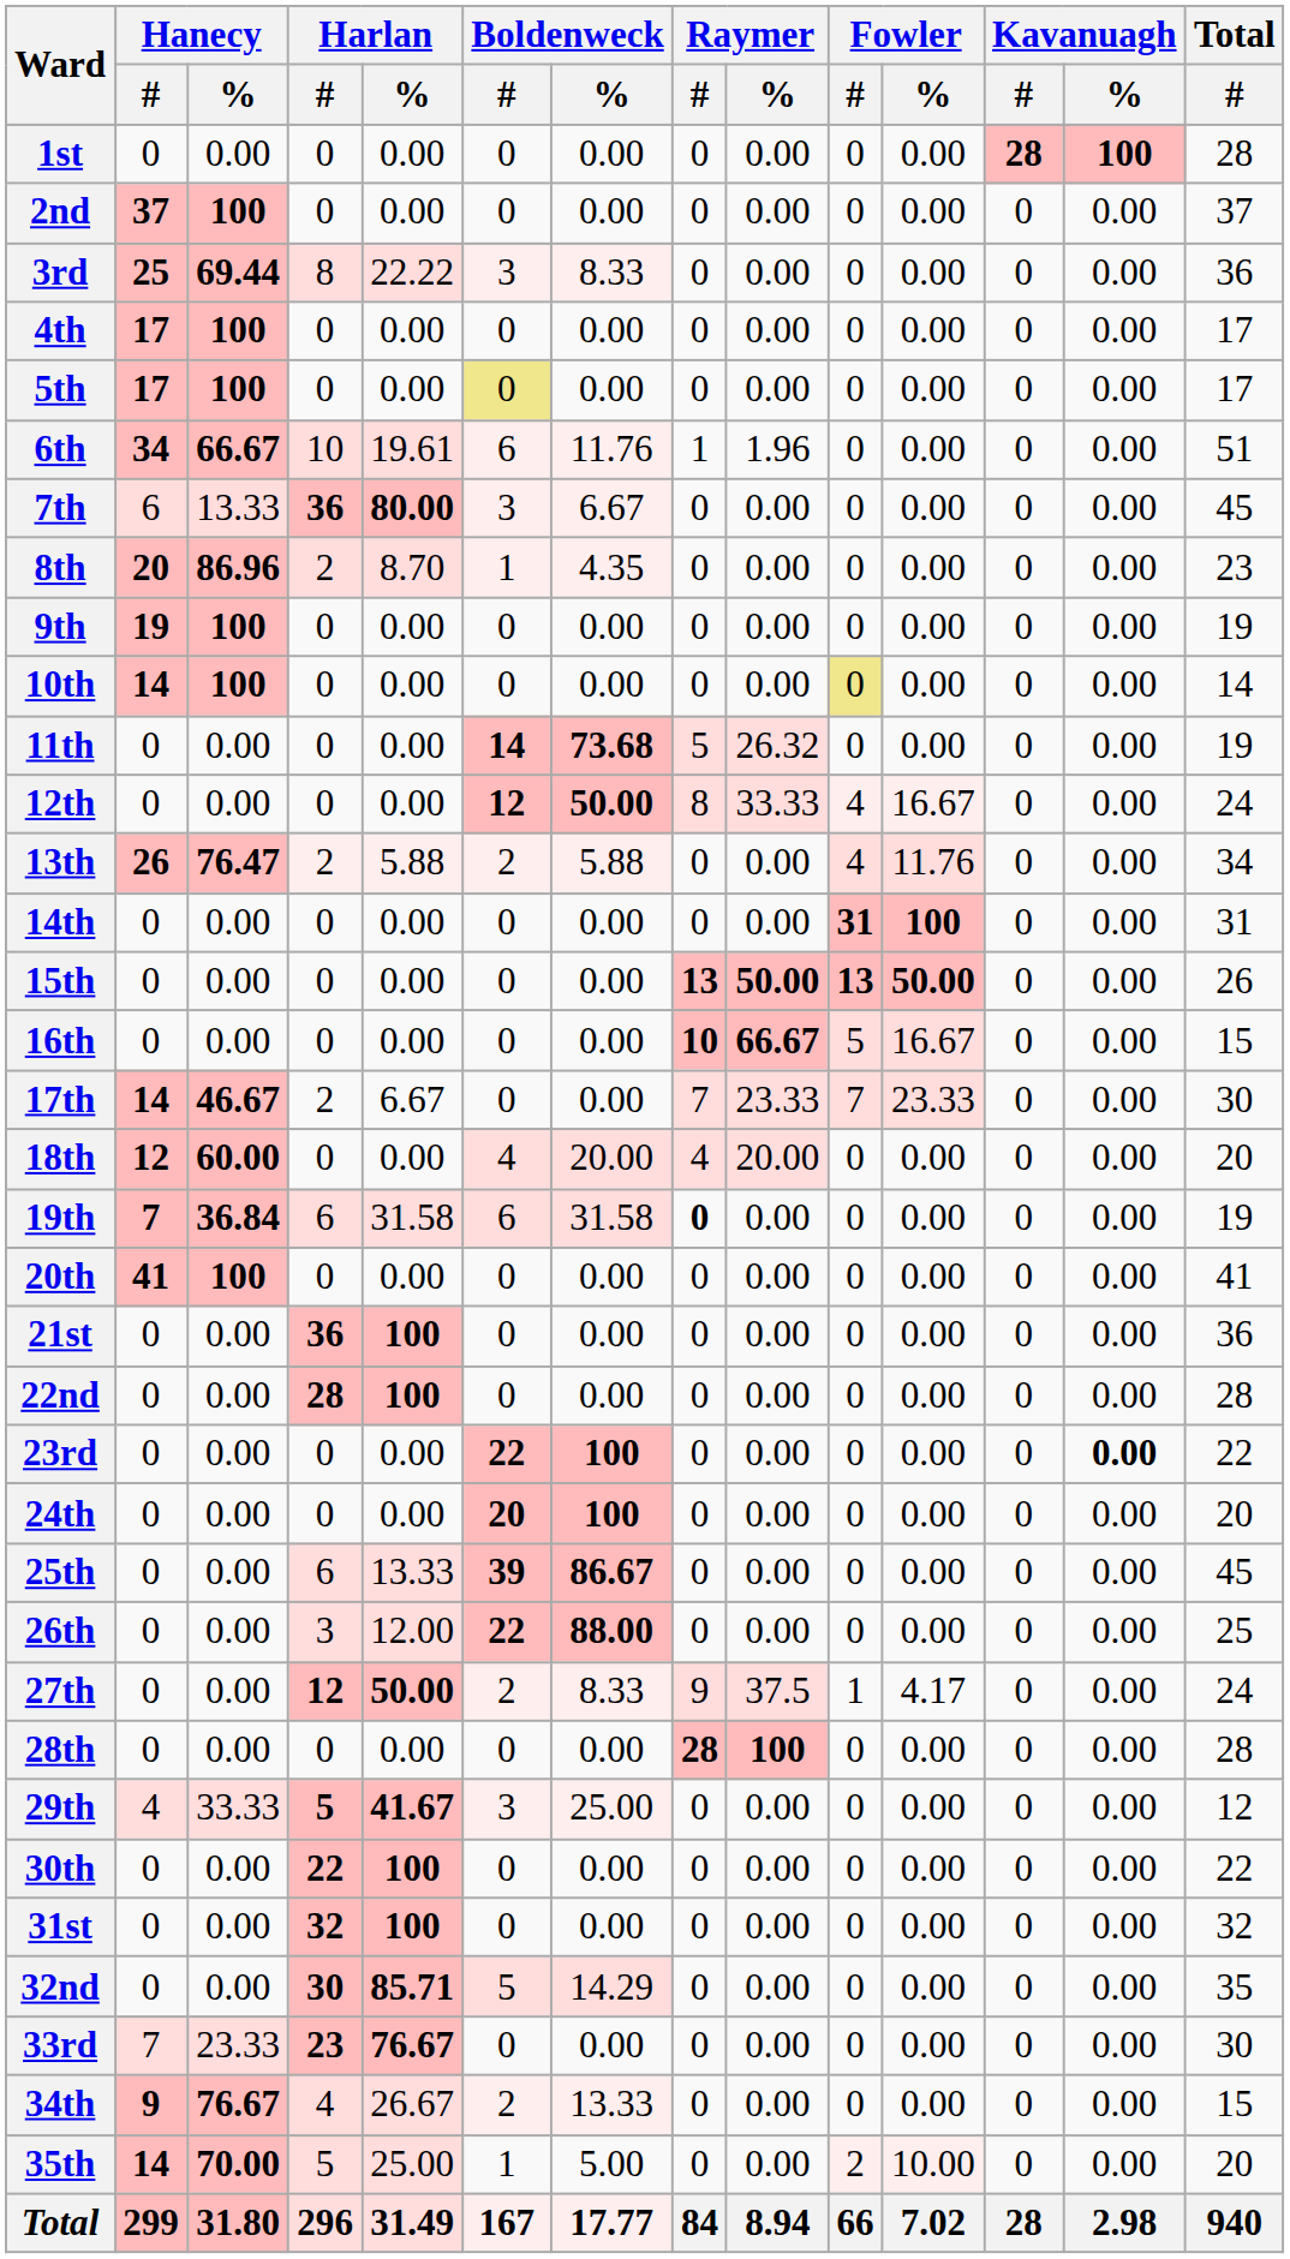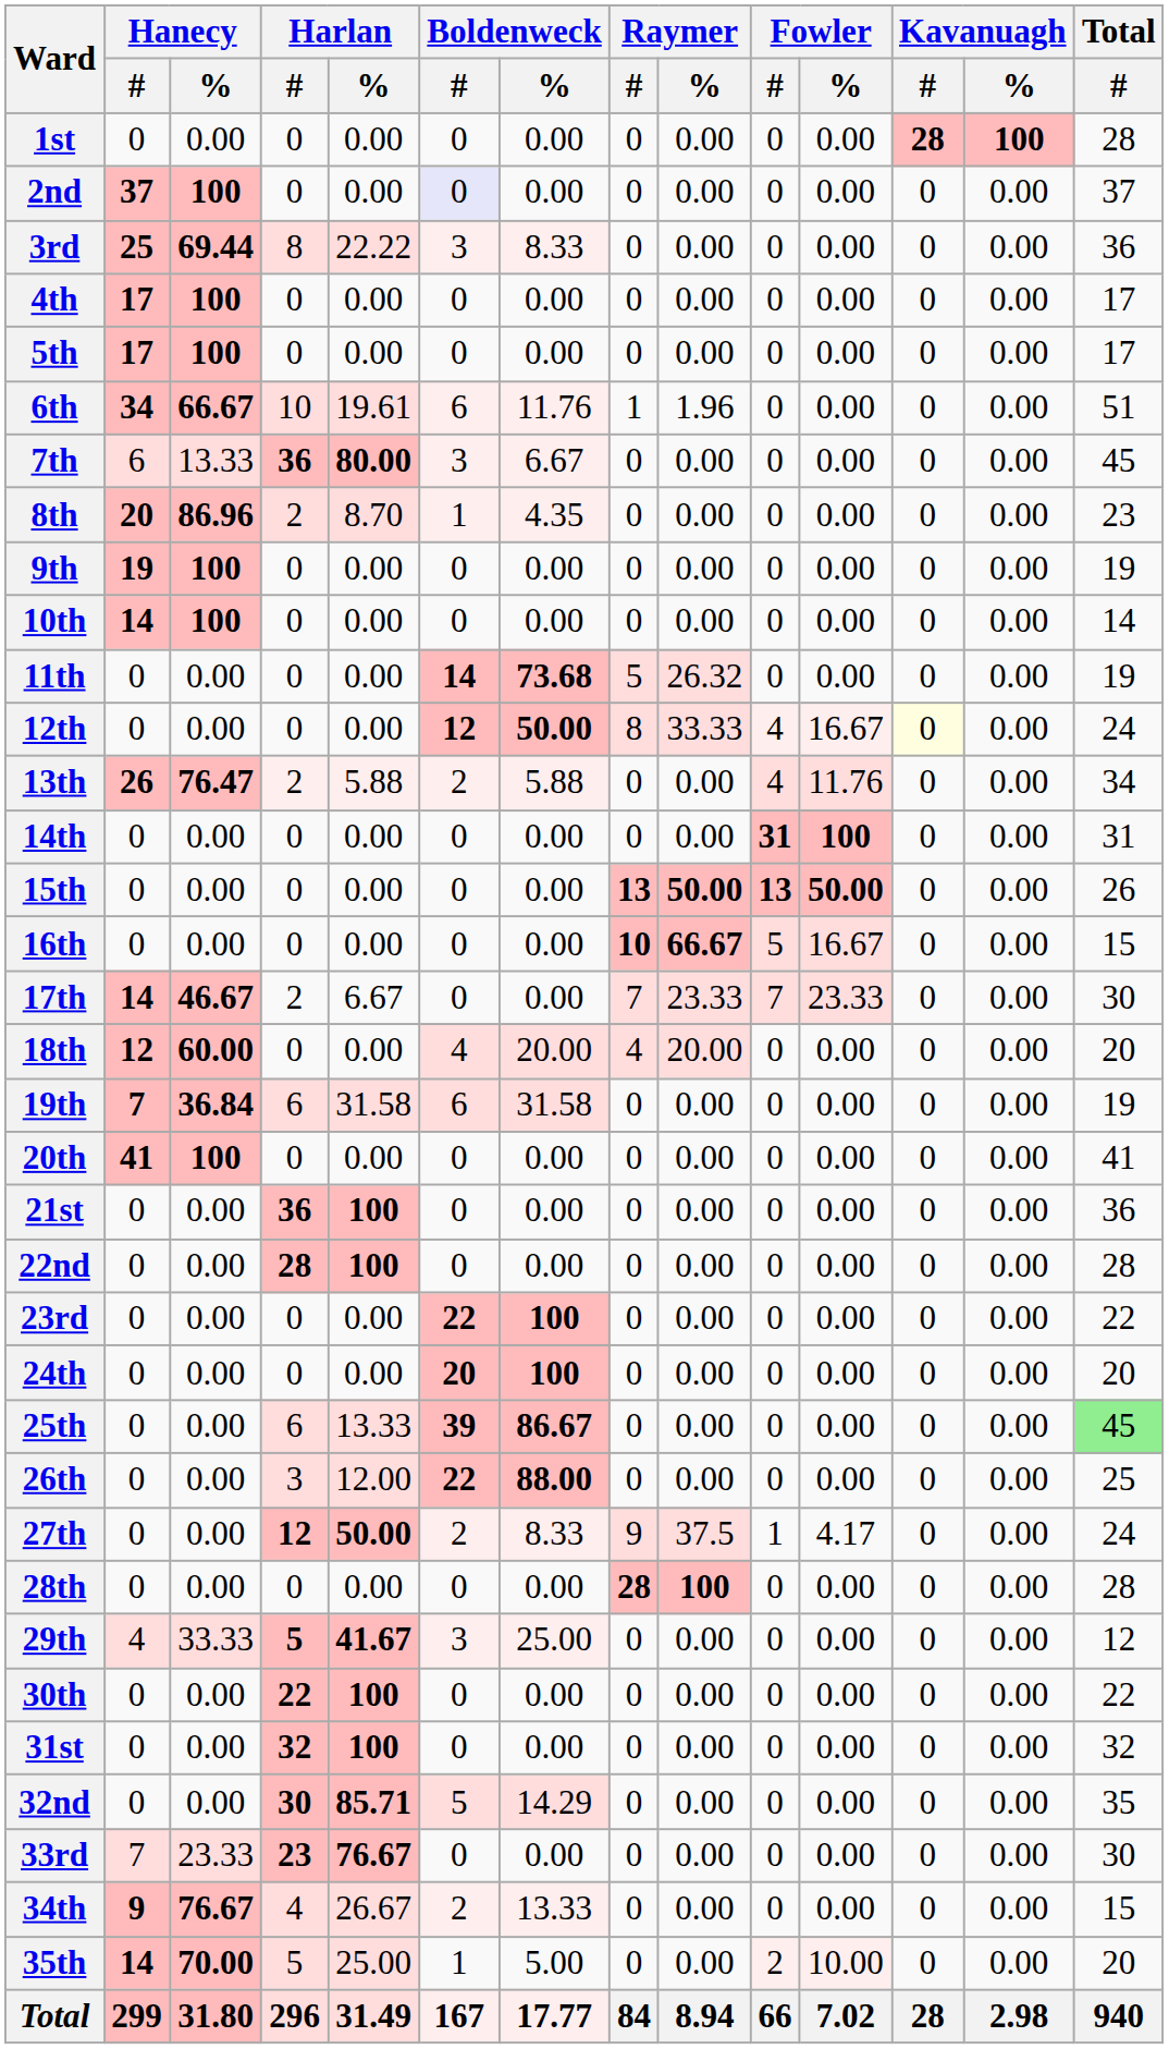 <table class="wikitable mw-collapsible mw-collapsed" style="text-align: center">
 <tr>
 <th rowspan=2>Ward</th>
 <th colspan=2><a href='#'>Hanecy</a></th>
 <th colspan=2><a href='#'>Harlan</a></th>
 <th colspan=2><a href='#'>Boldenweck</a></th>
 <th colspan=2><a href='#'>Raymer</a></th>
 <th colspan=2><a href='#'>Fowler</a></th>
 <th colspan=2><a href='#'>Kavanuagh</a></th>
 <th>Total</th>
 </tr>
 <tr>
 <th>#</th>
 <th>%</th>
 <th>#</th>
 <th>%</th>
 <th>#</th>
 <th>%</th>
 <th>#</th>
 <th>%</th>
 <th>#</th>
 <th>%</th>
 <th>#</th>
 <th>%</th>
 <th>#</th>
 </tr>
 <tr>
 <th><a href='#'>1st</a></th>
 <td>0</td>
 <td>0.00</td>
 <td>0</td>
 <td>0.00</td>
 <td>0</td>
 <td>0.00</td>
 <td>0</td>
 <td>0.00</td>
 <td>0</td>
 <td>0.00</td>
 <td style="background:#fbb;"><strong>28</strong></td>
 <td style="background:#fbb;"><strong>100</strong></td>
 <td>28</td>
 </tr>
 <tr>
 <th><a href='#'>2nd</a></th>
 <td style="background:#fbb;"><strong>37</strong></td>
 <td style="background:#fbb;"><strong>100</strong></td>
 <td>0</td>
 <td>0.00</td>
-<td>0</td>
+<td style="background: lavender;">0</td>
 <td>0.00</td>
 <td>0</td>
 <td>0.00</td>
 <td>0</td>
 <td>0.00</td>
 <td>0</td>
 <td>0.00</td>
 <td>37</td>
 </tr>
 <tr>
 <th><a href='#'>3rd</a></th>
 <td style="background:#fbb;"><strong>25</strong></td>
 <td style="background:#fbb;"><strong>69.44</strong></td>
 <td style="background:#fdd;">8</td>
 <td style="background:#fdd;">22.22</td>
 <td style="background:#fee;">3</td>
 <td style="background:#fee;">8.33</td>
 <td>0</td>
 <td>0.00</td>
 <td>0</td>
 <td>0.00</td>
 <td>0</td>
 <td>0.00</td>
 <td>36</td>
 </tr>
 <tr>
 <th><a href='#'>4th</a></th>
 <td style="background:#fbb;"><strong>17</strong></td>
 <td style="background:#fbb;"><strong>100</strong></td>
 <td>0</td>
 <td>0.00</td>
 <td>0</td>
 <td>0.00</td>
 <td>0</td>
 <td>0.00</td>
 <td>0</td>
 <td>0.00</td>
 <td>0</td>
 <td>0.00</td>
 <td>17</td>
 </tr>
 <tr>
 <th><a href='#'>5th</a></th>
 <td style="background:#fbb;"><strong>17</strong></td>
 <td style="background:#fbb;"><strong>100</strong></td>
 <td>0</td>
 <td>0.00</td>
-<td style="background: khaki;">0</td>
+<td>0</td>
 <td>0.00</td>
 <td>0</td>
 <td>0.00</td>
 <td>0</td>
 <td>0.00</td>
 <td>0</td>
 <td>0.00</td>
 <td>17</td>
 </tr>
 <tr>
 <th><a href='#'>6th</a></th>
 <td style="background:#fbb;"><strong>34</strong></td>
 <td style="background:#fbb;"><strong>66.67</strong></td>
 <td style="background:#fdd;">10</td>
 <td style="background:#fdd;">19.61</td>
 <td style="background:#fee;">6</td>
 <td style="background:#fee;">11.76</td>
 <td>1</td>
 <td>1.96</td>
 <td>0</td>
 <td>0.00</td>
 <td>0</td>
 <td>0.00</td>
 <td>51</td>
 </tr>
 <tr>
 <th><a href='#'>7th</a></th>
 <td style="background:#fdd;">6</td>
 <td style="background:#fdd;">13.33</td>
 <td style="background:#fbb;"><strong>36</strong></td>
 <td style="background:#fbb;"><strong>80.00</strong></td>
 <td style="background:#fee;">3</td>
 <td style="background:#fee;">6.67</td>
 <td>0</td>
 <td>0.00</td>
 <td>0</td>
 <td>0.00</td>
 <td>0</td>
 <td>0.00</td>
 <td>45</td>
 </tr>
 <tr>
 <th><a href='#'>8th</a></th>
 <td style="background:#fbb;"><strong>20</strong></td>
 <td style="background:#fbb;"><strong>86.96</strong></td>
 <td style="background:#fdd;">2</td>
 <td style="background:#fdd;">8.70</td>
 <td style="background:#fee;">1</td>
 <td style="background:#fee;">4.35</td>
 <td>0</td>
 <td>0.00</td>
 <td>0</td>
 <td>0.00</td>
 <td>0</td>
 <td>0.00</td>
 <td>23</td>
 </tr>
 <tr>
 <th><a href='#'>9th</a></th>
 <td style="background:#fbb;"><strong>19</strong></td>
 <td style="background:#fbb;"><strong>100</strong></td>
 <td>0</td>
 <td>0.00</td>
 <td>0</td>
 <td>0.00</td>
 <td>0</td>
 <td>0.00</td>
 <td>0</td>
 <td>0.00</td>
 <td>0</td>
 <td>0.00</td>
 <td>19</td>
 </tr>
 <tr>
 <th><a href='#'>10th</a></th>
 <td style="background:#fbb;"><strong>14</strong></td>
 <td style="background:#fbb;"><strong>100</strong></td>
 <td>0</td>
 <td>0.00</td>
 <td>0</td>
 <td>0.00</td>
 <td>0</td>
 <td>0.00</td>
-<td style="background: khaki;">0</td>
+<td>0</td>
 <td>0.00</td>
 <td>0</td>
 <td>0.00</td>
 <td>14</td>
 </tr>
 <tr>
 <th><a href='#'>11th</a></th>
 <td>0</td>
 <td>0.00</td>
 <td>0</td>
 <td>0.00</td>
 <td style="background:#fbb;"><strong>14</strong></td>
 <td style="background:#fbb;"><strong>73.68</strong></td>
 <td style="background:#fdd;">5</td>
 <td style="background:#fdd;">26.32</td>
 <td>0</td>
 <td>0.00</td>
 <td>0</td>
 <td>0.00</td>
 <td>19</td>
 </tr>
 <tr>
 <th><a href='#'>12th</a></th>
 <td>0</td>
 <td>0.00</td>
 <td>0</td>
 <td>0.00</td>
 <td style="background:#fbb;"><strong>12</strong></td>
 <td style="background:#fbb;"><strong>50.00</strong></td>
 <td style="background:#fdd;">8</td>
 <td style="background:#fdd;">33.33</td>
 <td style="background:#fee;">4</td>
 <td style="background:#fee;">16.67</td>
-<td>0</td>
+<td style="background: lightyellow;">0</td>
 <td>0.00</td>
 <td>24</td>
 </tr>
 <tr>
 <th><a href='#'>13th</a></th>
 <td style="background:#fbb;"><strong>26</strong></td>
 <td style="background:#fbb;"><strong>76.47</strong></td>
 <td style="background:#fee;">2</td>
 <td style="background:#fee;">5.88</td>
 <td style="background:#fee;">2</td>
 <td style="background:#fee;">5.88</td>
 <td>0</td>
 <td>0.00</td>
 <td style="background:#fdd;">4</td>
 <td style="background:#fdd;">11.76</td>
 <td>0</td>
 <td>0.00</td>
 <td>34</td>
 </tr>
 <tr>
 <th><a href='#'>14th</a></th>
 <td>0</td>
 <td>0.00</td>
 <td>0</td>
 <td>0.00</td>
 <td>0</td>
 <td>0.00</td>
 <td>0</td>
 <td>0.00</td>
 <td style="background:#fbb;"><strong>31</strong></td>
 <td style="background:#fbb;"><strong>100</strong></td>
 <td>0</td>
 <td>0.00</td>
 <td>31</td>
 </tr>
 <tr>
 <th><a href='#'>15th</a></th>
 <td>0</td>
 <td>0.00</td>
 <td>0</td>
 <td>0.00</td>
 <td>0</td>
 <td>0.00</td>
 <td style="background:#fbb;"><strong>13</strong></td>
 <td style="background:#fbb;"><strong>50.00</strong></td>
 <td style="background:#fbb;"><strong>13</strong></td>
 <td style="background:#fbb;"><strong>50.00</strong></td>
 <td>0</td>
 <td>0.00</td>
 <td>26</td>
 </tr>
 <tr>
 <th><a href='#'>16th</a></th>
 <td>0</td>
 <td>0.00</td>
 <td>0</td>
 <td>0.00</td>
 <td>0</td>
 <td>0.00</td>
 <td style="background:#fbb;"><strong>10 </strong></td>
 <td style="background:#fbb;"><strong>66.67</strong></td>
 <td style="background:#fdd;">5</td>
 <td style="background:#fdd;">16.67</td>
 <td>0</td>
 <td>0.00</td>
 <td>15</td>
 </tr>
 <tr>
 <th><a href='#'>17th</a></th>
 <td style="background:#fbb;"><strong>14</strong></td>
 <td style="background:#fbb;"><strong>46.67</strong></td>
 <td>2</td>
 <td>6.67</td>
 <td>0</td>
 <td>0.00</td>
 <td style="background:#fdd;">7</td>
 <td style="background:#fdd;">23.33</td>
 <td style="background:#fdd;">7</td>
 <td style="background:#fdd;">23.33</td>
 <td>0</td>
 <td>0.00</td>
 <td>30</td>
 </tr>
 <tr>
 <th><a href='#'>18th</a></th>
 <td style="background:#fbb;"><strong>12</strong></td>
 <td style="background:#fbb;"><strong>60.00</strong></td>
 <td>0</td>
 <td>0.00</td>
 <td style="background:#fdd;">4</td>
 <td style="background:#fdd;">20.00</td>
 <td style="background:#fdd;">4</td>
 <td style="background:#fdd;">20.00</td>
 <td>0</td>
 <td>0.00</td>
 <td>0</td>
 <td>0.00</td>
 <td>20</td>
 </tr>
 <tr>
 <th><a href='#'>19th</a></th>
 <td style="background:#fbb;"><strong>7</strong></td>
 <td style="background:#fbb;"><strong>36.84</strong></td>
 <td style="background:#fdd;">6</td>
 <td style="background:#fdd;">31.58</td>
 <td style="background:#fdd;">6</td>
 <td style="background:#fdd;">31.58</td>
-<td><strong>0</strong></td>
+<td>0</td>
 <td>0.00</td>
 <td>0</td>
 <td>0.00</td>
 <td>0</td>
 <td>0.00</td>
 <td>19</td>
 </tr>
 <tr>
 <th><a href='#'>20th</a></th>
 <td style="background:#fbb;"><strong>41</strong></td>
 <td style="background:#fbb;"><strong>100</strong></td>
 <td>0</td>
 <td>0.00</td>
 <td>0</td>
 <td>0.00</td>
 <td>0</td>
 <td>0.00</td>
 <td>0</td>
 <td>0.00</td>
 <td>0</td>
 <td>0.00</td>
 <td>41</td>
 </tr>
 <tr>
 <th><a href='#'>21st</a></th>
 <td>0</td>
 <td>0.00</td>
 <td style="background:#fbb;"><strong>36</strong></td>
 <td style="background:#fbb;"><strong>100</strong></td>
 <td>0</td>
 <td>0.00</td>
 <td>0</td>
 <td>0.00</td>
 <td>0</td>
 <td>0.00</td>
 <td>0</td>
 <td>0.00</td>
 <td>36</td>
 </tr>
 <tr>
 <th><a href='#'>22nd</a></th>
 <td>0</td>
 <td>0.00</td>
 <td style="background:#fbb;"><strong>28</strong></td>
 <td style="background:#fbb;"><strong>100</strong></td>
 <td>0</td>
 <td>0.00</td>
 <td>0</td>
 <td>0.00</td>
 <td>0</td>
 <td>0.00</td>
 <td>0</td>
 <td>0.00</td>
 <td>28</td>
 </tr>
 <tr>
 <th><a href='#'>23rd</a></th>
 <td>0</td>
 <td>0.00</td>
 <td>0</td>
 <td>0.00</td>
 <td style="background:#fbb;"><strong>22</strong></td>
 <td style="background:#fbb;"><strong>100</strong></td>
 <td>0</td>
 <td>0.00</td>
 <td>0</td>
 <td>0.00</td>
 <td>0</td>
-<td><strong>0.00</strong></td>
+<td>0.00</td>
 <td>22</td>
 </tr>
 <tr>
 <th><a href='#'>24th</a></th>
 <td>0</td>
 <td>0.00</td>
 <td>0</td>
 <td>0.00</td>
 <td style="background:#fbb;"><strong>20</strong></td>
 <td style="background:#fbb;"><strong>100</strong></td>
 <td>0</td>
 <td>0.00</td>
 <td>0</td>
 <td>0.00</td>
 <td>0</td>
 <td>0.00</td>
 <td>20</td>
 </tr>
 <tr>
 <th><a href='#'>25th</a></th>
 <td>0</td>
 <td>0.00</td>
 <td style="background:#fdd;">6</td>
 <td style="background:#fdd;">13.33</td>
 <td style="background:#fbb;"><strong>39</strong></td>
 <td style="background:#fbb;"><strong>86.67</strong></td>
 <td>0</td>
 <td>0.00</td>
 <td>0</td>
 <td>0.00</td>
 <td>0</td>
 <td>0.00</td>
-<td>45</td>
+<td style="background: lightgreen;">45</td>
 </tr>
 <tr>
 <th><a href='#'>26th</a></th>
 <td>0</td>
 <td>0.00</td>
 <td style="background:#fdd;">3</td>
 <td style="background:#fdd;">12.00</td>
 <td style="background:#fbb;"><strong>22</strong></td>
 <td style="background:#fbb;"><strong>88.00</strong></td>
 <td>0</td>
 <td>0.00</td>
 <td>0</td>
 <td>0.00</td>
 <td>0</td>
 <td>0.00</td>
 <td>25</td>
 </tr>
 <tr>
 <th><a href='#'>27th</a></th>
 <td>0</td>
 <td>0.00</td>
 <td style="background:#fbb;"><strong>12</strong></td>
 <td style="background:#fbb;"><strong>50.00</strong></td>
 <td style="background:#fee;">2</td>
 <td style="background:#fee;">8.33</td>
 <td style="background:#fdd;">9</td>
 <td style="background:#fdd;">37.5</td>
 <td>1</td>
 <td>4.17</td>
 <td>0</td>
 <td>0.00</td>
 <td>24</td>
 </tr>
 <tr>
 <th><a href='#'>28th</a></th>
 <td>0</td>
 <td>0.00</td>
 <td>0</td>
 <td>0.00</td>
 <td>0</td>
 <td>0.00</td>
 <td style="background:#fbb;"><strong>28</strong></td>
 <td style="background:#fbb;"><strong>100</strong></td>
 <td>0</td>
 <td>0.00</td>
 <td>0</td>
 <td>0.00</td>
 <td>28</td>
 </tr>
 <tr>
 <th><a href='#'>29th</a></th>
 <td style="background:#fdd;">4</td>
 <td style="background:#fdd;">33.33</td>
 <td style="background:#fbb;"><strong>5</strong></td>
 <td style="background:#fbb;"><strong>41.67</strong></td>
 <td style="background:#fee;">3</td>
 <td style="background:#fee;">25.00</td>
 <td>0</td>
 <td>0.00</td>
 <td>0</td>
 <td>0.00</td>
 <td>0</td>
 <td>0.00</td>
 <td>12</td>
 </tr>
 <tr>
 <th><a href='#'>30th</a></th>
 <td>0</td>
 <td>0.00</td>
 <td style="background:#fbb;"><strong>22</strong></td>
 <td style="background:#fbb;"><strong>100</strong></td>
 <td>0</td>
 <td>0.00</td>
 <td>0</td>
 <td>0.00</td>
 <td>0</td>
 <td>0.00</td>
 <td>0</td>
 <td>0.00</td>
 <td>22</td>
 </tr>
 <tr>
 <th><a href='#'>31st</a></th>
 <td>0</td>
 <td>0.00</td>
 <td style="background:#fbb;"><strong>32</strong></td>
 <td style="background:#fbb;"><strong>100</strong></td>
 <td>0</td>
 <td>0.00</td>
 <td>0</td>
 <td>0.00</td>
 <td>0</td>
 <td>0.00</td>
 <td>0</td>
 <td>0.00</td>
 <td>32</td>
 </tr>
 <tr>
 <th><a href='#'>32nd</a></th>
 <td>0</td>
 <td>0.00</td>
 <td style="background:#fbb;"><strong>30</strong></td>
 <td style="background:#fbb;"><strong>85.71</strong></td>
 <td style="background:#fdd;">5</td>
 <td style="background:#fdd;">14.29</td>
 <td>0</td>
 <td>0.00</td>
 <td>0</td>
 <td>0.00</td>
 <td>0</td>
 <td>0.00</td>
 <td>35</td>
 </tr>
 <tr>
 <th><a href='#'>33rd</a></th>
 <td style="background:#fdd;">7</td>
 <td style="background:#fdd;">23.33</td>
 <td style="background:#fbb;"><strong>23</strong></td>
 <td style="background:#fbb;"><strong>76.67</strong></td>
 <td>0</td>
 <td>0.00</td>
 <td>0</td>
 <td>0.00</td>
 <td>0</td>
 <td>0.00</td>
 <td>0</td>
 <td>0.00</td>
 <td>30</td>
 </tr>
 <tr>
 <th><a href='#'>34th</a></th>
 <td style="background:#fbb;"><strong>9</strong></td>
 <td style="background:#fbb;"><strong>76.67</strong></td>
 <td style="background:#fdd;">4</td>
 <td style="background:#fdd;">26.67</td>
 <td style="background:#fee;">2</td>
 <td style="background:#fee;">13.33</td>
 <td>0</td>
 <td>0.00</td>
 <td>0</td>
 <td>0.00</td>
 <td>0</td>
 <td>0.00</td>
 <td>15</td>
 </tr>
 <tr>
 <th><a href='#'>35th</a></th>
 <td style="background:#fbb;"><strong>14</strong></td>
 <td style="background:#fbb;"><strong>70.00</strong></td>
 <td style="background:#fdd;">5</td>
 <td style="background:#fdd;">25.00</td>
 <td>1</td>
 <td>5.00</td>
 <td>0</td>
 <td>0.00</td>
 <td style="background:#fee;">2</td>
 <td style="background:#fee;">10.00</td>
 <td>0</td>
 <td>0.00</td>
 <td>20</td>
 </tr>
 <tr>
 <th><em>Total</em></th>
 <th style="background:#fbb;">299</th>
 <th style="background:#fbb;">31.80</th>
 <th style="background:#fdd;">296</th>
 <th style="background:#fdd;">31.49</th>
 <th style="background:#fee;">167</th>
 <th style="background:#fee;">17.77</th>
 <th>84</th>
 <th>8.94</th>
 <th>66</th>
 <th>7.02</th>
 <th>28</th>
 <th>2.98</th>
 <th>940</th>
 </tr>
 </table>
